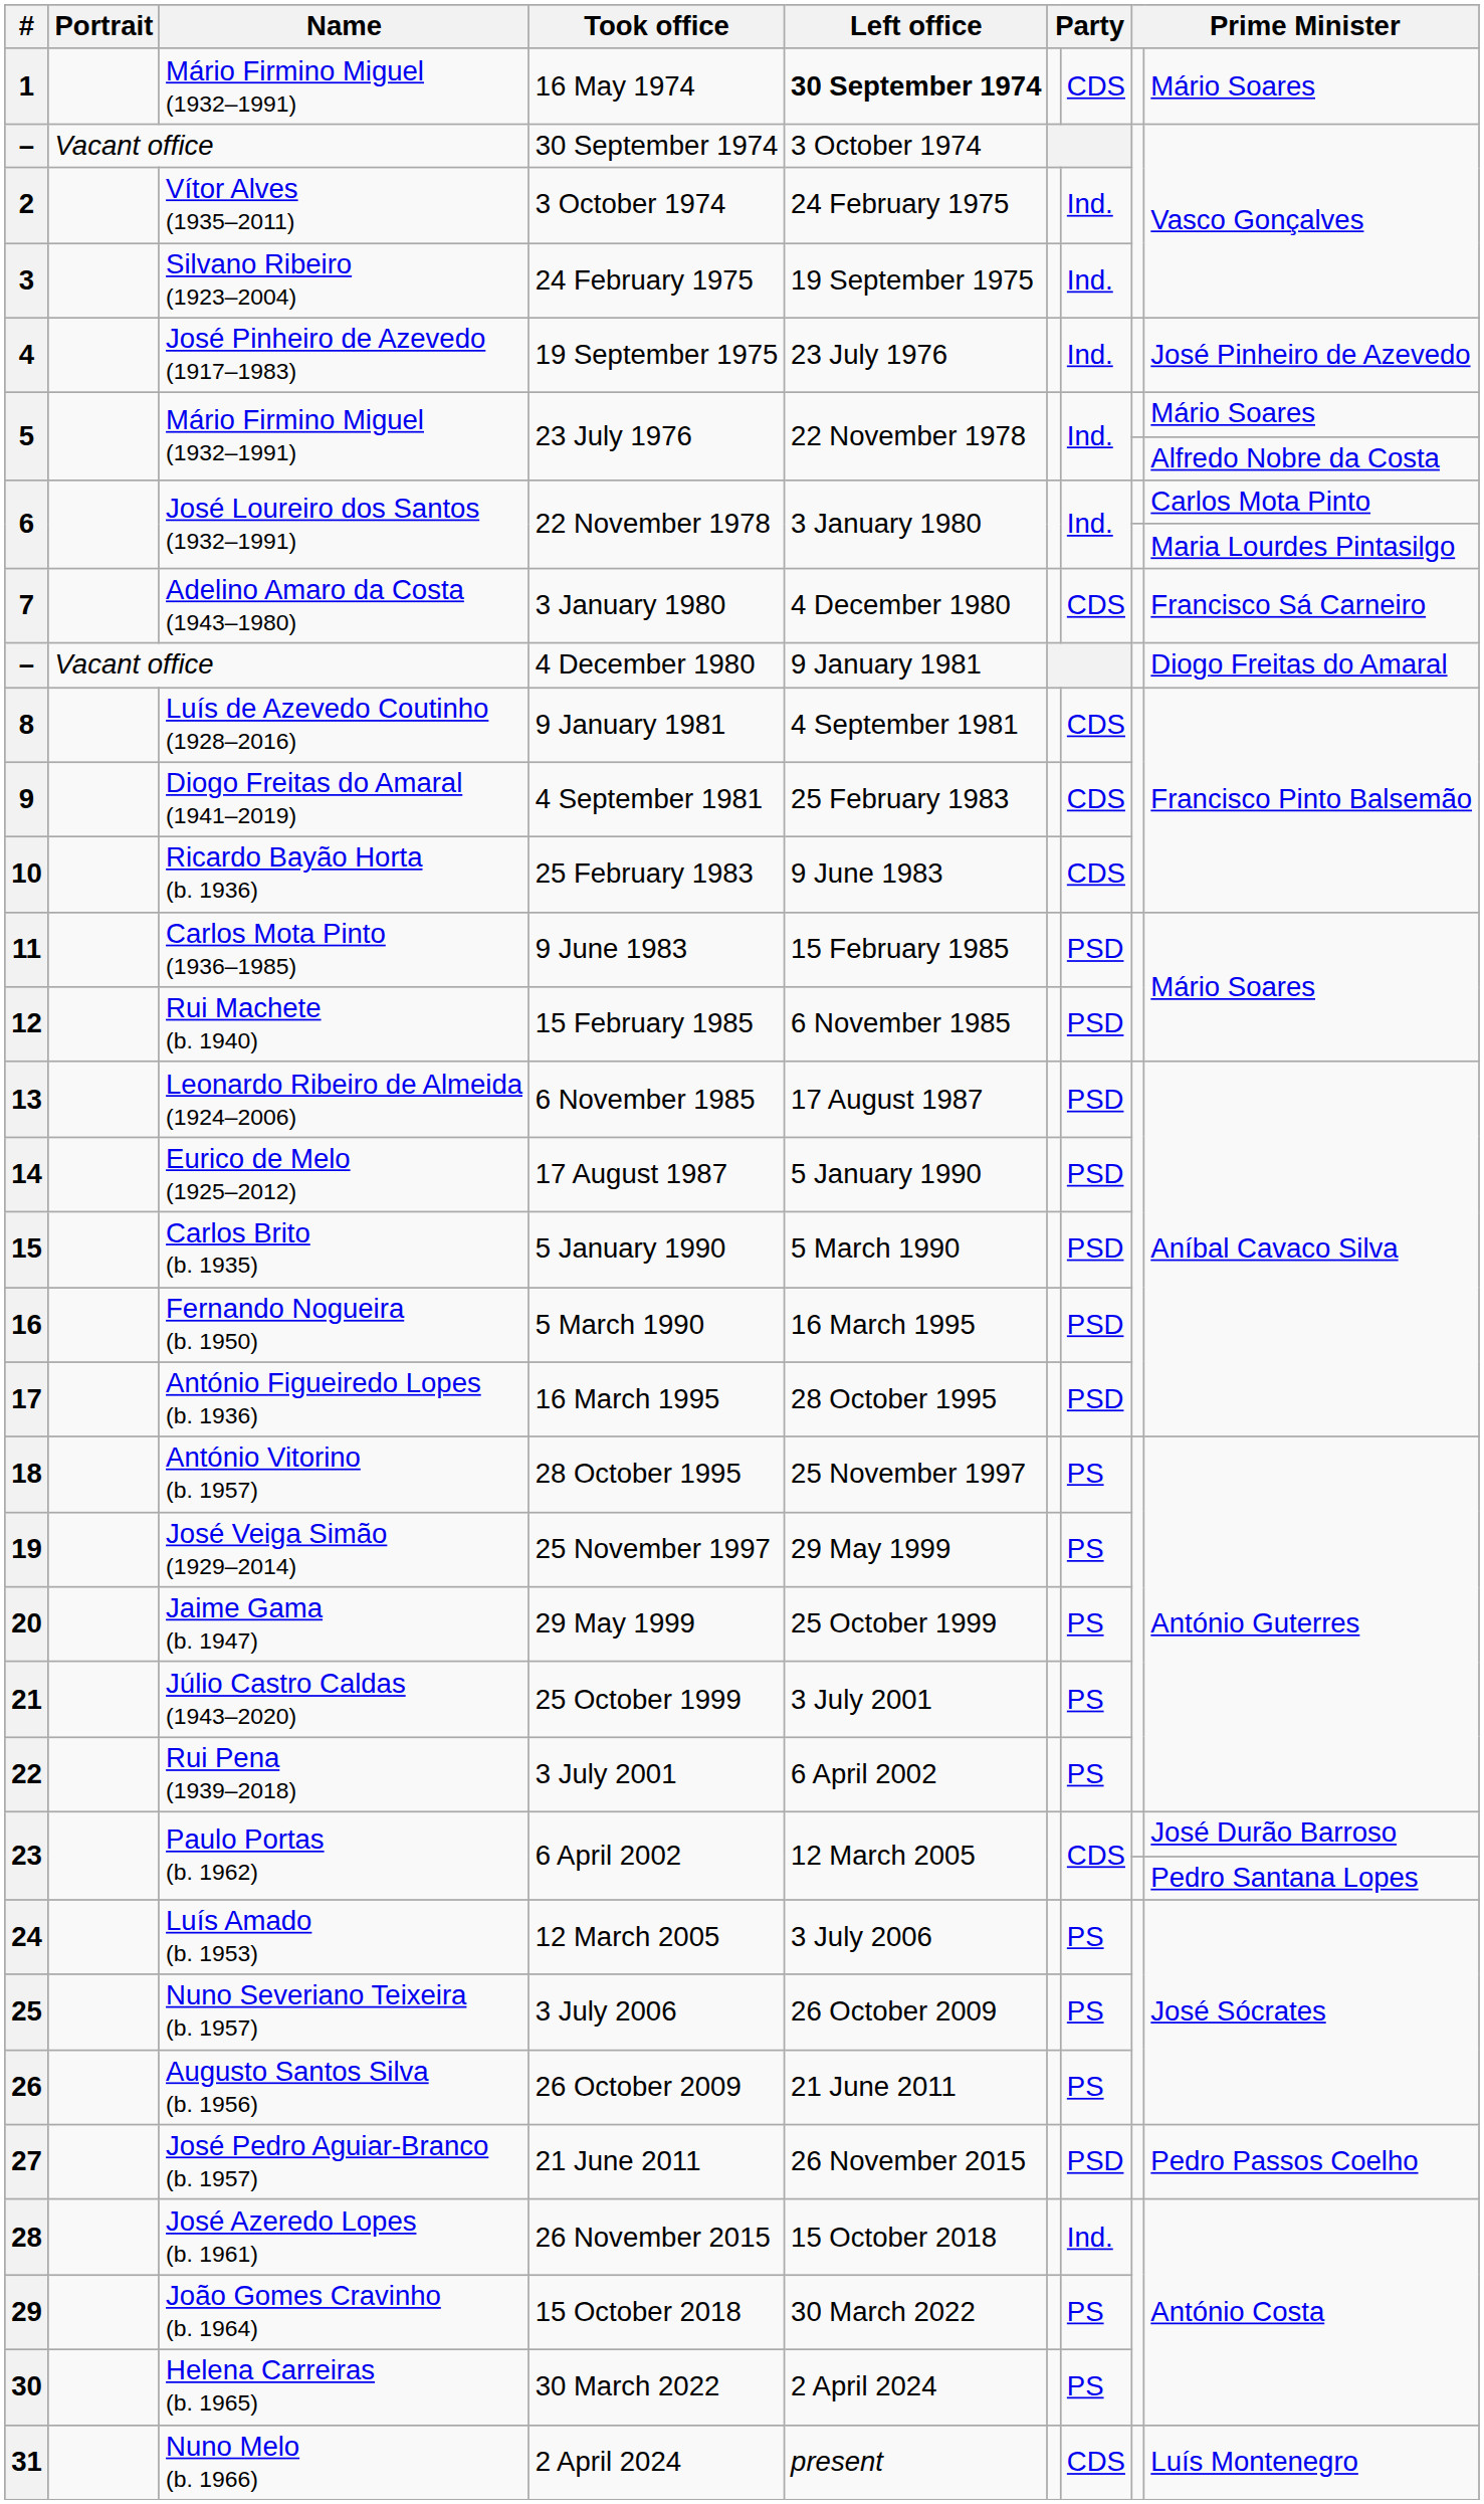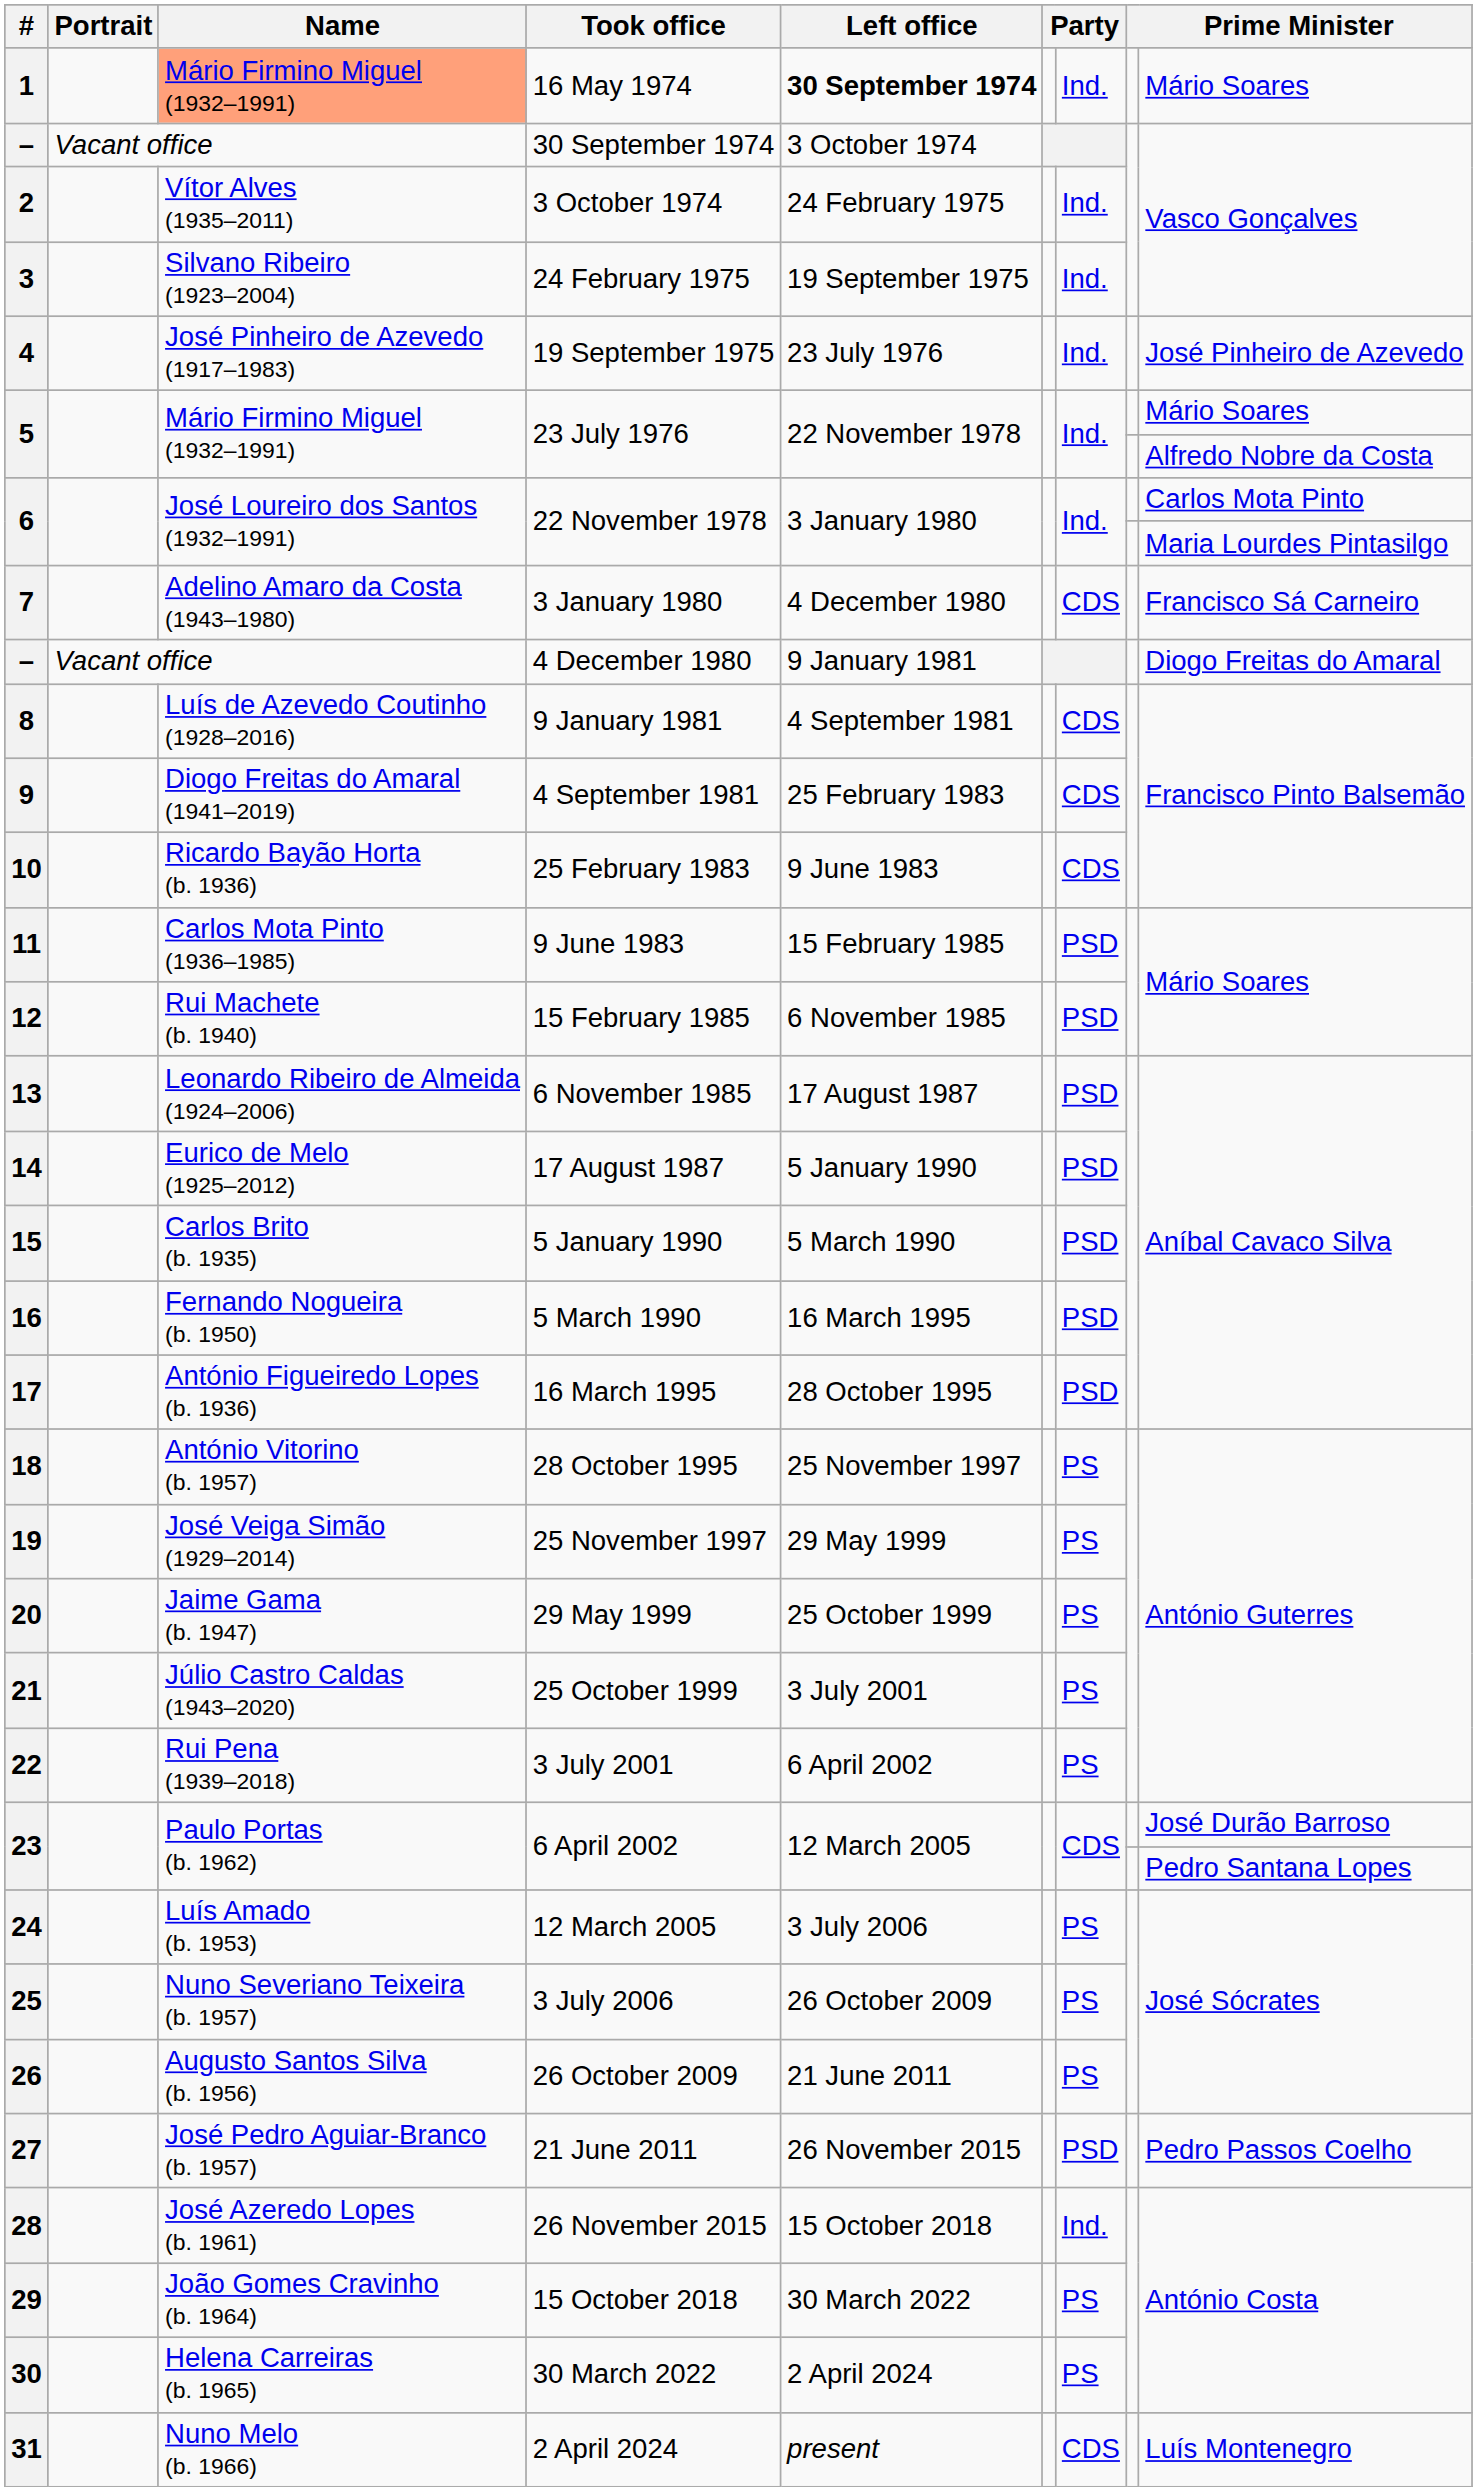 <table class="wikitable">
 <tr>
 <th>#</th>
 <th>Portrait</th>
 <th>Name</th>
 <th>Took office</th>
 <th>Left office</th>
 <th colspan="2">Party</th>
 <th colspan="2">Prime Minister</th>
 </tr>
 <tr>
 <th>1</th>
 <td></td>
-<td><a href='#'>Mário Firmino Miguel</a><br><small>(1932–1991)</small></td>
+<td style="background: lightsalmon;"><a href='#'>Mário Firmino Miguel</a><br><small>(1932–1991)</small></td>
 <td>16 May 1974</td>
 <td><strong>30 September 1974</strong></td>
 <td style="background-color: "></td>
-<td><a href='#'>CDS</a></td>
+<td><a href='#'>Ind.</a></td>
 <td style="background-color: "></td>
 <td><a href='#'>Mário Soares</a></td>
 </tr>
 <tr>
 <th>–</th>
 <td colspan="2"><em>Vacant office</em></td>
 <td>30 September 1974</td>
 <td>3 October 1974</td>
 <th colspan="2"></th>
 <td rowspan="3" style="background-color: "></td>
 <td rowspan="3"><a href='#'>Vasco Gonçalves</a></td>
 </tr>
 <tr>
 <th>2</th>
 <td></td>
 <td><a href='#'>Vítor Alves</a><br><small>(1935–2011)</small></td>
 <td>3 October 1974</td>
 <td>24 February 1975</td>
 <td style="background-color: "></td>
 <td><a href='#'>Ind.</a></td>
 </tr>
 <tr>
 <th>3</th>
 <td></td>
 <td><a href='#'>Silvano Ribeiro</a><br><small>(1923–2004)</small></td>
 <td>24 February 1975</td>
 <td>19 September 1975</td>
 <td style="background-color: "></td>
 <td><a href='#'>Ind.</a></td>
 </tr>
 <tr>
 <th>4</th>
 <td></td>
 <td><a href='#'>José Pinheiro de Azevedo</a><br><small>(1917–1983)</small></td>
 <td>19 September 1975</td>
 <td>23 July 1976</td>
 <td style="background-color: "></td>
 <td><a href='#'>Ind.</a></td>
 <td style="background-color: "></td>
 <td><a href='#'>José Pinheiro de Azevedo</a></td>
 </tr>
 <tr>
 <th rowspan="2">5</th>
 <td rowspan="2"></td>
 <td rowspan="2"><a href='#'>Mário Firmino Miguel</a><br><small>(1932–1991)</small></td>
 <td rowspan="2">23 July 1976</td>
 <td rowspan="2">22 November 1978</td>
 <td rowspan="2" style="background-color: "></td>
 <td rowspan="2"><a href='#'>Ind.</a></td>
 <td style="background-color: "></td>
 <td><a href='#'>Mário Soares</a></td>
 </tr>
 <tr>
 <td style="background-color: "></td>
 <td><a href='#'>Alfredo Nobre da Costa</a></td>
 </tr>
 <tr>
 <th rowspan="2">6</th>
 <td rowspan="2"></td>
 <td rowspan="2"><a href='#'>José Loureiro dos Santos</a><br><small>(1932–1991)</small></td>
 <td rowspan="2">22 November 1978</td>
 <td rowspan="2">3 January 1980</td>
 <td rowspan="2" style="background-color: "></td>
 <td rowspan="2"><a href='#'>Ind.</a></td>
 <td style="background-color: "></td>
 <td><a href='#'>Carlos Mota Pinto</a></td>
 </tr>
 <tr>
 <td style="background-color: "></td>
 <td><a href='#'>Maria Lourdes Pintasilgo</a></td>
 </tr>
 <tr>
 <th>7</th>
 <td></td>
 <td><a href='#'>Adelino Amaro da Costa</a><br><small>(1943–1980)</small></td>
 <td>3 January 1980</td>
 <td>4 December 1980</td>
 <td style="background-color: "></td>
 <td><a href='#'>CDS</a></td>
 <td style="background-color: "></td>
 <td><a href='#'>Francisco Sá Carneiro</a></td>
 </tr>
 <tr>
 <th>–</th>
 <td colspan="2"><em>Vacant office</em></td>
 <td>4 December 1980</td>
 <td>9 January 1981</td>
 <th colspan="2"></th>
 <td style="background-color: "></td>
 <td><a href='#'>Diogo Freitas do Amaral</a></td>
 </tr>
 <tr>
 <th>8</th>
 <td></td>
 <td><a href='#'>Luís de Azevedo Coutinho</a><br><small>(1928–2016)</small></td>
 <td>9 January 1981</td>
 <td>4 September 1981</td>
 <td style="background-color: "></td>
 <td><a href='#'>CDS</a></td>
 <td rowspan="3" style="background-color: "></td>
 <td rowspan="3"><a href='#'>Francisco Pinto Balsemão</a></td>
 </tr>
 <tr>
 <th>9</th>
 <td></td>
 <td><a href='#'>Diogo Freitas do Amaral</a><br><small>(1941–2019)</small></td>
 <td>4 September 1981</td>
 <td>25 February 1983</td>
 <td style="background-color: "></td>
 <td><a href='#'>CDS</a></td>
 </tr>
 <tr>
 <th>10</th>
 <td></td>
 <td><a href='#'>Ricardo Bayão Horta</a><br><small>(b. 1936)</small></td>
 <td>25 February 1983</td>
 <td>9 June 1983</td>
 <td style="background-color: "></td>
 <td><a href='#'>CDS</a></td>
 </tr>
 <tr>
 <th>11</th>
 <td></td>
 <td><a href='#'>Carlos Mota Pinto</a><br><small>(1936–1985)</small></td>
 <td>9 June 1983</td>
 <td>15 February 1985</td>
 <td style="background-color: "></td>
 <td><a href='#'>PSD</a></td>
 <td rowspan="2" style="background-color: "></td>
 <td rowspan="2"><a href='#'>Mário Soares</a></td>
 </tr>
 <tr>
 <th>12</th>
 <td></td>
 <td><a href='#'>Rui Machete</a><br><small>(b. 1940)</small></td>
 <td>15 February 1985</td>
 <td>6 November 1985</td>
 <td style="background-color: "></td>
 <td><a href='#'>PSD</a></td>
 </tr>
 <tr>
 <th>13</th>
 <td></td>
 <td><a href='#'>Leonardo Ribeiro de Almeida</a><br><small>(1924–2006)</small></td>
 <td>6 November 1985</td>
 <td>17 August 1987</td>
 <td style="background-color: "></td>
 <td><a href='#'>PSD</a></td>
 <td rowspan="5" style="background-color: "></td>
 <td rowspan="5"><a href='#'>Aníbal Cavaco Silva</a></td>
 </tr>
 <tr>
 <th>14</th>
 <td></td>
 <td><a href='#'>Eurico de Melo</a><br><small>(1925–2012)</small></td>
 <td>17 August 1987</td>
 <td>5 January 1990</td>
 <td style="background-color: "></td>
 <td><a href='#'>PSD</a></td>
 </tr>
 <tr>
 <th>15</th>
 <td></td>
 <td><a href='#'>Carlos Brito</a><br><small>(b. 1935)</small></td>
 <td>5 January 1990</td>
 <td>5 March 1990</td>
 <td style="background-color: "></td>
 <td><a href='#'>PSD</a></td>
 </tr>
 <tr>
 <th>16</th>
 <td></td>
 <td><a href='#'>Fernando Nogueira</a><br><small>(b. 1950)</small></td>
 <td>5 March 1990</td>
 <td>16 March 1995</td>
 <td style="background-color: "></td>
 <td><a href='#'>PSD</a></td>
 </tr>
 <tr>
 <th>17</th>
 <td></td>
 <td><a href='#'>António Figueiredo Lopes</a><br><small>(b. 1936)</small></td>
 <td>16 March 1995</td>
 <td>28 October 1995</td>
 <td style="background-color: "></td>
 <td><a href='#'>PSD</a></td>
 </tr>
 <tr>
 <th>18</th>
 <td></td>
 <td><a href='#'>António Vitorino</a><br><small>(b. 1957)</small></td>
 <td>28 October 1995</td>
 <td>25 November 1997</td>
 <td style="background-color: "></td>
 <td><a href='#'>PS</a></td>
 <td rowspan="5" style="background-color: "></td>
 <td rowspan="5"><a href='#'>António Guterres</a></td>
 </tr>
 <tr>
 <th>19</th>
 <td></td>
 <td><a href='#'>José Veiga Simão</a><br><small>(1929–2014)</small></td>
 <td>25 November 1997</td>
 <td>29 May 1999</td>
 <td style="background-color: "></td>
 <td><a href='#'>PS</a></td>
 </tr>
 <tr>
 <th>20</th>
 <td></td>
 <td><a href='#'>Jaime Gama</a><br><small>(b. 1947)</small></td>
 <td>29 May 1999</td>
 <td>25 October 1999</td>
 <td style="background-color: "></td>
 <td><a href='#'>PS</a></td>
 </tr>
 <tr>
 <th>21</th>
 <td></td>
 <td><a href='#'>Júlio Castro Caldas</a><br><small>(1943–2020)</small></td>
 <td>25 October 1999</td>
 <td>3 July 2001</td>
 <td style="background-color: "></td>
 <td><a href='#'>PS</a></td>
 </tr>
 <tr>
 <th>22</th>
 <td></td>
 <td><a href='#'>Rui Pena</a><br><small>(1939–2018)</small></td>
 <td>3 July 2001</td>
 <td>6 April 2002</td>
 <td style="background-color: "></td>
 <td><a href='#'>PS</a></td>
 </tr>
 <tr>
 <th rowspan="2">23</th>
 <td rowspan="2"></td>
 <td rowspan="2"><a href='#'>Paulo Portas</a><br><small>(b. 1962)</small></td>
 <td rowspan="2">6 April 2002</td>
 <td rowspan="2">12 March 2005</td>
 <td rowspan="2" style="background-color: "></td>
 <td rowspan="2"><a href='#'>CDS</a></td>
 <td style="background-color: "></td>
 <td><a href='#'>José Durão Barroso</a></td>
 </tr>
 <tr>
 <td style="background-color: "></td>
 <td><a href='#'>Pedro Santana Lopes</a></td>
 </tr>
 <tr>
 <th>24</th>
 <td></td>
 <td><a href='#'>Luís Amado</a><br><small>(b. 1953)</small></td>
 <td>12 March 2005</td>
 <td>3 July 2006</td>
 <td style="background-color: "></td>
 <td><a href='#'>PS</a></td>
 <td rowspan="3" style="background-color: "></td>
 <td rowspan="3"><a href='#'>José Sócrates</a></td>
 </tr>
 <tr>
 <th>25</th>
 <td></td>
 <td><a href='#'>Nuno Severiano Teixeira</a><br><small>(b. 1957)</small></td>
 <td>3 July 2006</td>
 <td>26 October 2009</td>
 <td style="background-color: "></td>
 <td><a href='#'>PS</a></td>
 </tr>
 <tr>
 <th>26</th>
 <td></td>
 <td><a href='#'>Augusto Santos Silva</a><br><small>(b. 1956)</small></td>
 <td>26 October 2009</td>
 <td>21 June 2011</td>
 <td style="background-color: "></td>
 <td><a href='#'>PS</a></td>
 </tr>
 <tr>
 <th>27</th>
 <td></td>
 <td><a href='#'>José Pedro Aguiar-Branco</a><br><small>(b. 1957)</small></td>
 <td>21 June 2011</td>
 <td>26 November 2015</td>
 <td style="background-color: "></td>
 <td><a href='#'>PSD</a></td>
 <td style="background-color: "></td>
 <td><a href='#'>Pedro Passos Coelho</a></td>
 </tr>
 <tr>
 <th>28</th>
 <td></td>
 <td><a href='#'>José Azeredo Lopes</a><br><small>(b. 1961)</small></td>
 <td>26 November 2015</td>
 <td>15 October 2018</td>
 <td style="background-color: "></td>
 <td><a href='#'>Ind.</a></td>
 <td rowspan="3" style="background-color: "></td>
 <td rowspan="3"><a href='#'>António Costa</a></td>
 </tr>
 <tr>
 <th>29</th>
 <td></td>
 <td><a href='#'>João Gomes Cravinho</a><br><small>(b. 1964)</small></td>
 <td>15 October 2018</td>
 <td>30 March 2022</td>
 <td style="background-color: "></td>
 <td><a href='#'>PS</a></td>
 </tr>
 <tr>
 <th>30</th>
 <td></td>
 <td><a href='#'>Helena Carreiras</a><br><small>(b. 1965)</small></td>
 <td>30 March 2022</td>
 <td>2 April 2024</td>
 <td style="background-color: "></td>
 <td><a href='#'>PS</a></td>
 </tr>
 <tr>
 <th>31</th>
 <td></td>
 <td><a href='#'>Nuno Melo</a><br><small>(b. 1966)</small></td>
 <td>2 April 2024</td>
 <td><em>present</em></td>
 <td style="background-color: "></td>
 <td><a href='#'>CDS</a></td>
 <td style="background-color: "></td>
 <td><a href='#'>Luís Montenegro</a></td>
 </tr>
 </table>
